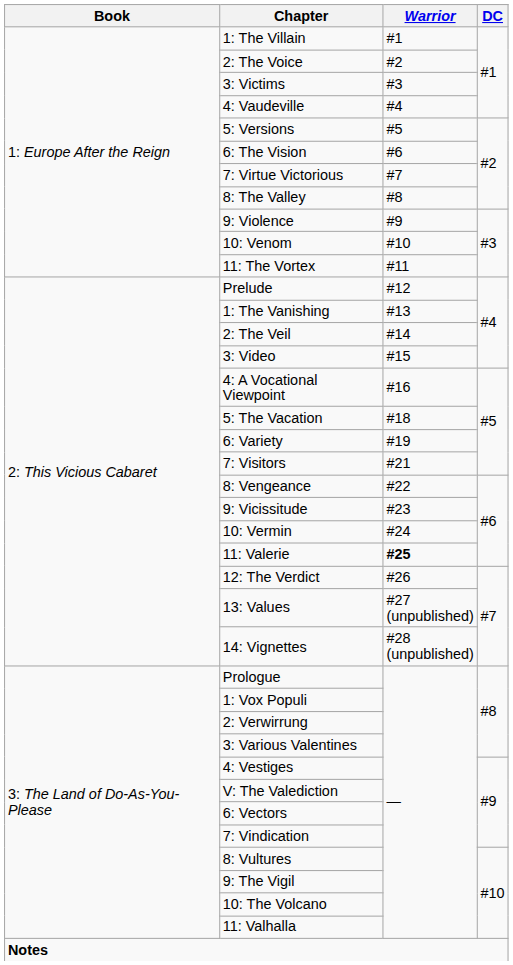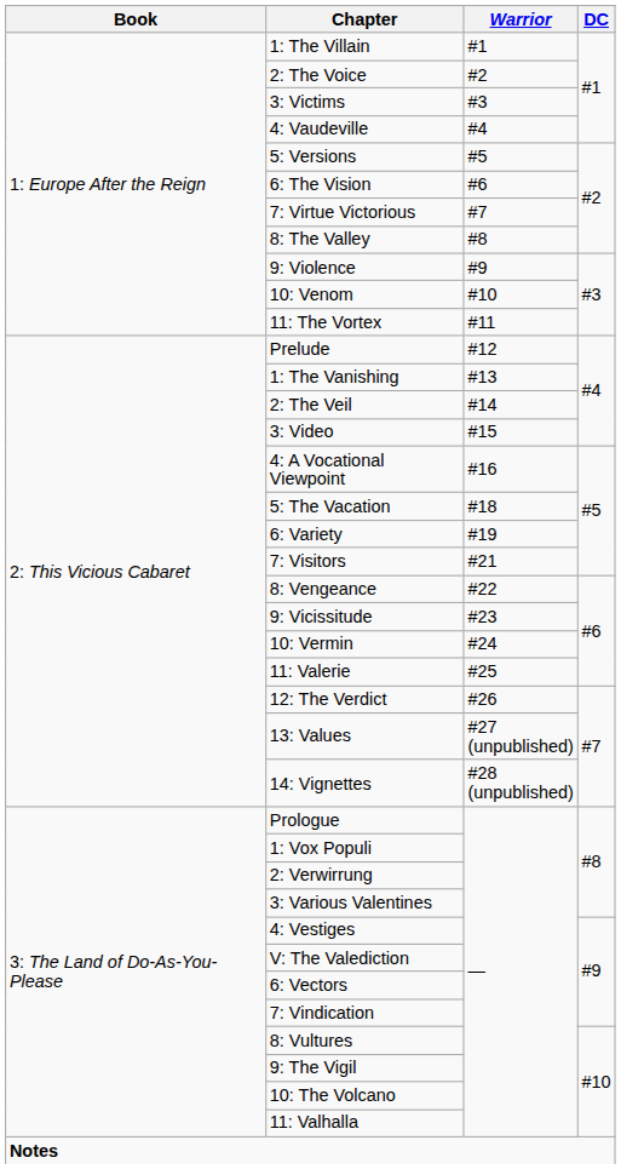 <table class="wikitable mw-collapsible collapsed floatright" style="width:35em;text-align:left;font-size:85%;">
 <tr>
 <th>Book</th>
 <th>Chapter</th>
 <th><a href='#'><em>Warrior</em></a></th>
 <th><a href='#'>DC</a></th>
 </tr>
 <tr>
 <td rowspan=11>1: <em>Europe After the Reign</em></td>
 <td>1: The Villain</td>
 <td>#1<br></td>
 <td rowspan=4>#1<br></td>
 </tr>
 <tr>
 <td>2: The Voice</td>
 <td>#2<br></td>
 </tr>
 <tr>
 <td>3: Victims</td>
 <td>#3<br></td>
 </tr>
 <tr>
 <td>4: Vaudeville</td>
 <td>#4<br></td>
 </tr>
 <tr>
 <td>5: Versions</td>
 <td>#5<br></td>
 <td rowspan=4>#2<br></td>
 </tr>
 <tr>
 <td>6: The Vision</td>
 <td>#6<br></td>
 </tr>
 <tr>
 <td>7: Virtue Victorious</td>
 <td>#7<br></td>
 </tr>
 <tr>
 <td>8: The Valley</td>
 <td>#8<br></td>
 </tr>
 <tr>
 <td>9: Violence</td>
 <td>#9<br></td>
 <td rowspan=3>#3<br></td>
 </tr>
 <tr>
 <td>10: Venom</td>
 <td>#10<br></td>
 </tr>
 <tr>
 <td>11: The Vortex</td>
 <td>#11<br></td>
 </tr>
 <tr>
 <td rowspan=15>2: <em>This Vicious Cabaret</em></td>
 <td>Prelude</td>
 <td>#12<br></td>
 <td rowspan=4>#4<br></td>
 </tr>
 <tr>
 <td>1: The Vanishing</td>
 <td>#13<br></td>
 </tr>
 <tr>
 <td>2: The Veil</td>
 <td>#14<br></td>
 </tr>
 <tr>
 <td>3: Video</td>
 <td>#15<br></td>
 </tr>
 <tr>
 <td>4: A Vocational Viewpoint</td>
 <td>#16<br></td>
 <td rowspan=4>#5<br></td>
 </tr>
 <tr>
 <td>5: The Vacation</td>
 <td>#18<br></td>
 </tr>
 <tr>
 <td>6: Variety</td>
 <td>#19<br></td>
 </tr>
 <tr>
 <td>7: Visitors</td>
 <td>#21<br></td>
 </tr>
 <tr>
 <td>8: Vengeance</td>
 <td>#22<br></td>
 <td rowspan=4>#6<br></td>
 </tr>
 <tr>
 <td>9: Vicissitude</td>
 <td>#23<br></td>
 </tr>
 <tr>
 <td>10: Vermin</td>
 <td>#24<br></td>
 </tr>
 <tr>
 <td>11: Valerie</td>
-<td><strong>#25<br></strong></td>
+<td>#25<br></td>
 </tr>
 <tr>
 <td>12: The Verdict</td>
 <td>#26<br></td>
 <td rowspan=3>#7<br></td>
 </tr>
 <tr>
 <td>13: Values</td>
 <td>#27<br>(unpublished)</td>
 </tr>
 <tr>
 <td>14: Vignettes</td>
 <td>#28<br>(unpublished)</td>
 </tr>
 <tr>
 <td rowspan=12>3: <em>The Land of Do-As-You-Please</em></td>
 <td>Prologue</td>
 <td rowspan=12>—</td>
 <td rowspan=4>#8<br></td>
 </tr>
 <tr>
 <td>1: Vox Populi</td>
 </tr>
 <tr>
 <td>2: Verwirrung</td>
 </tr>
 <tr>
 <td>3: Various Valentines</td>
 </tr>
 <tr>
 <td>4: Vestiges</td>
 <td rowspan=4>#9<br></td>
 </tr>
 <tr>
 <td>V: The Valediction</td>
 </tr>
 <tr>
 <td>6: Vectors</td>
 </tr>
 <tr>
 <td>7: Vindication</td>
 </tr>
 <tr>
 <td>8: Vultures</td>
 <td rowspan=4>#10<br></td>
 </tr>
 <tr>
 <td>9: The Vigil</td>
 </tr>
 <tr>
 <td>10: The Volcano</td>
 </tr>
 <tr>
 <td>11: Valhalla</td>
 </tr>
 <tr>
 <td colspan=4><strong>Notes</strong><br></td>
 </tr>
 </table>
